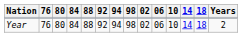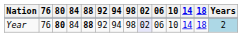 <table class="wikitable" style="text-align: center; font-size: 95%;">
 <tr>
 <th scope="col">Nation</th>
 <th scope="col"><span>76</span></th>
 <th><span>80</span></th>
 <th scope="col"><span>84</span></th>
 <th><span>88</span></th>
 <th scope="col"><span>92</span></th>
 <th><span>94</span></th>
 <th scope="col"><span>98</span></th>
 <th><span>02</span></th>
 <th scope="col"><span>06</span></th>
 <th><span>10</span></th>
 <th scope="col"><a href='#'>14</a></th>
 <th><a href='#'>18</a></th>
 <th scope="col">Years</th>
 </tr>
 <tr>
 </tr>
 <tr>
 </tr>
 <tr>
 </tr>
 <tr>
 </tr>
 <tr>
 </tr>
 <tr>
 </tr>
 <tr>
 </tr>
 <tr>
 </tr>
 <tr>
 </tr>
 <tr>
 </tr>
 <tr style="border-top: double #a2a9b1;">
 <td style="text-align: left;"><em>Year</em></td>
 <td><span>76</span></td>
-<td><span>80</span></td>
+<td><strong><span>80</span></strong></td>
 <td><span>84</span></td>
-<td><span>88</span></td>
+<td><strong><span>88</span></strong></td>
 <td><span>92</span></td>
 <td><span>94</span></td>
 <td><span>98</span></td>
-<td><span>02</span></td>
+<td style="background: lavender;"><span>02</span></td>
 <td><span>06</span></td>
 <td><span>10</span></td>
 <td><a href='#'>14</a></td>
 <td><a href='#'>18</a></td>
-<td>2</td>
+<td style="background: lightblue;">2</td>
 </tr>
 </table>
